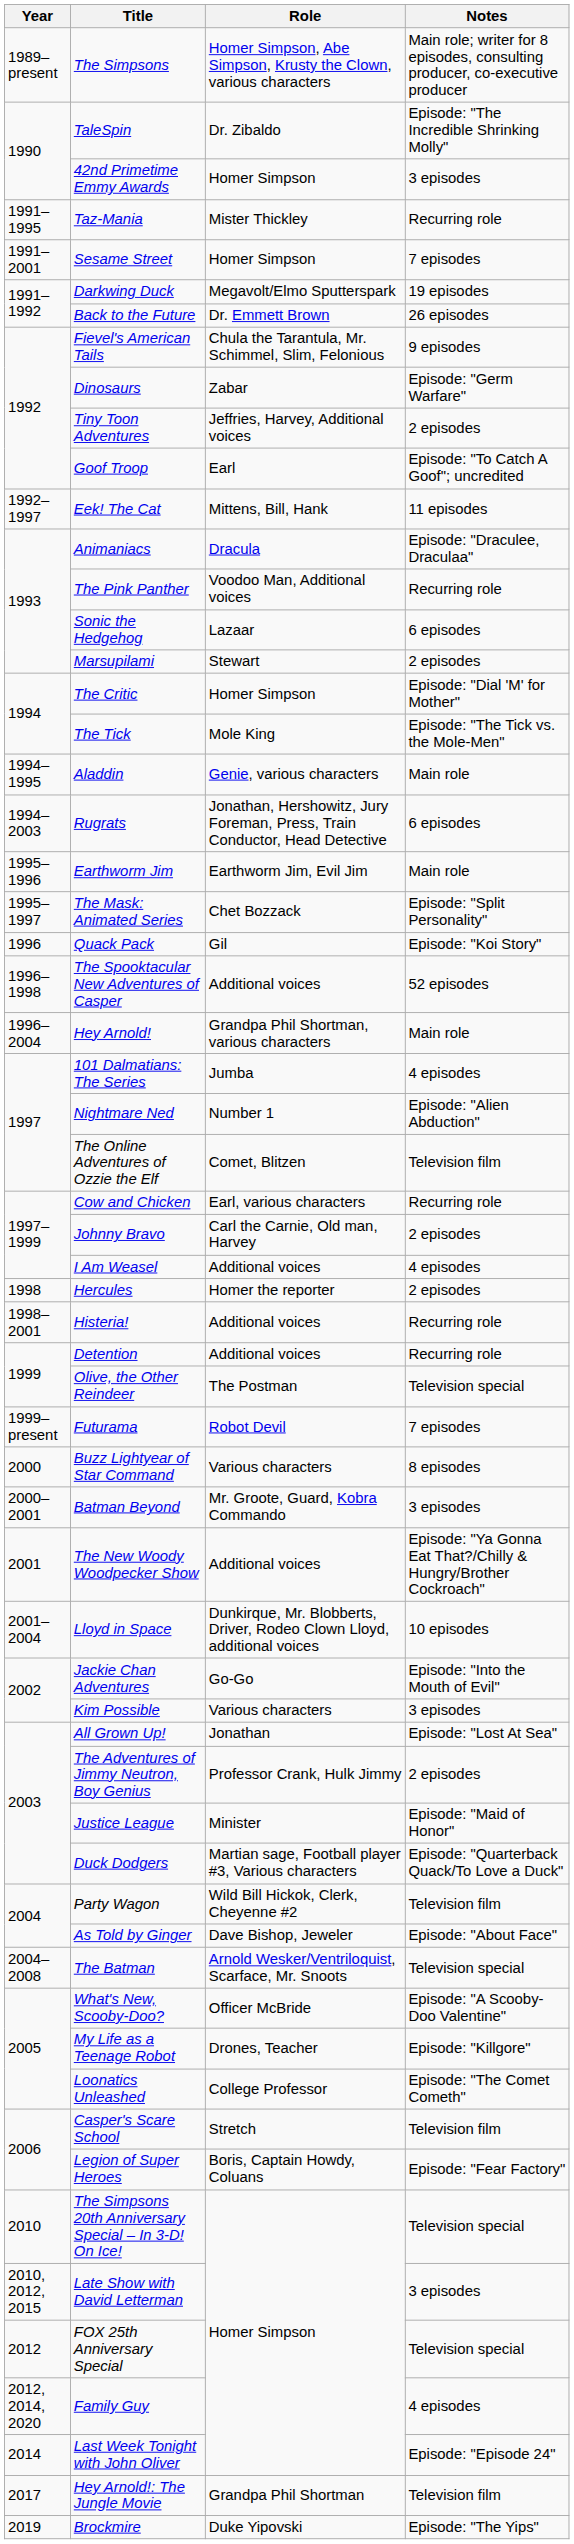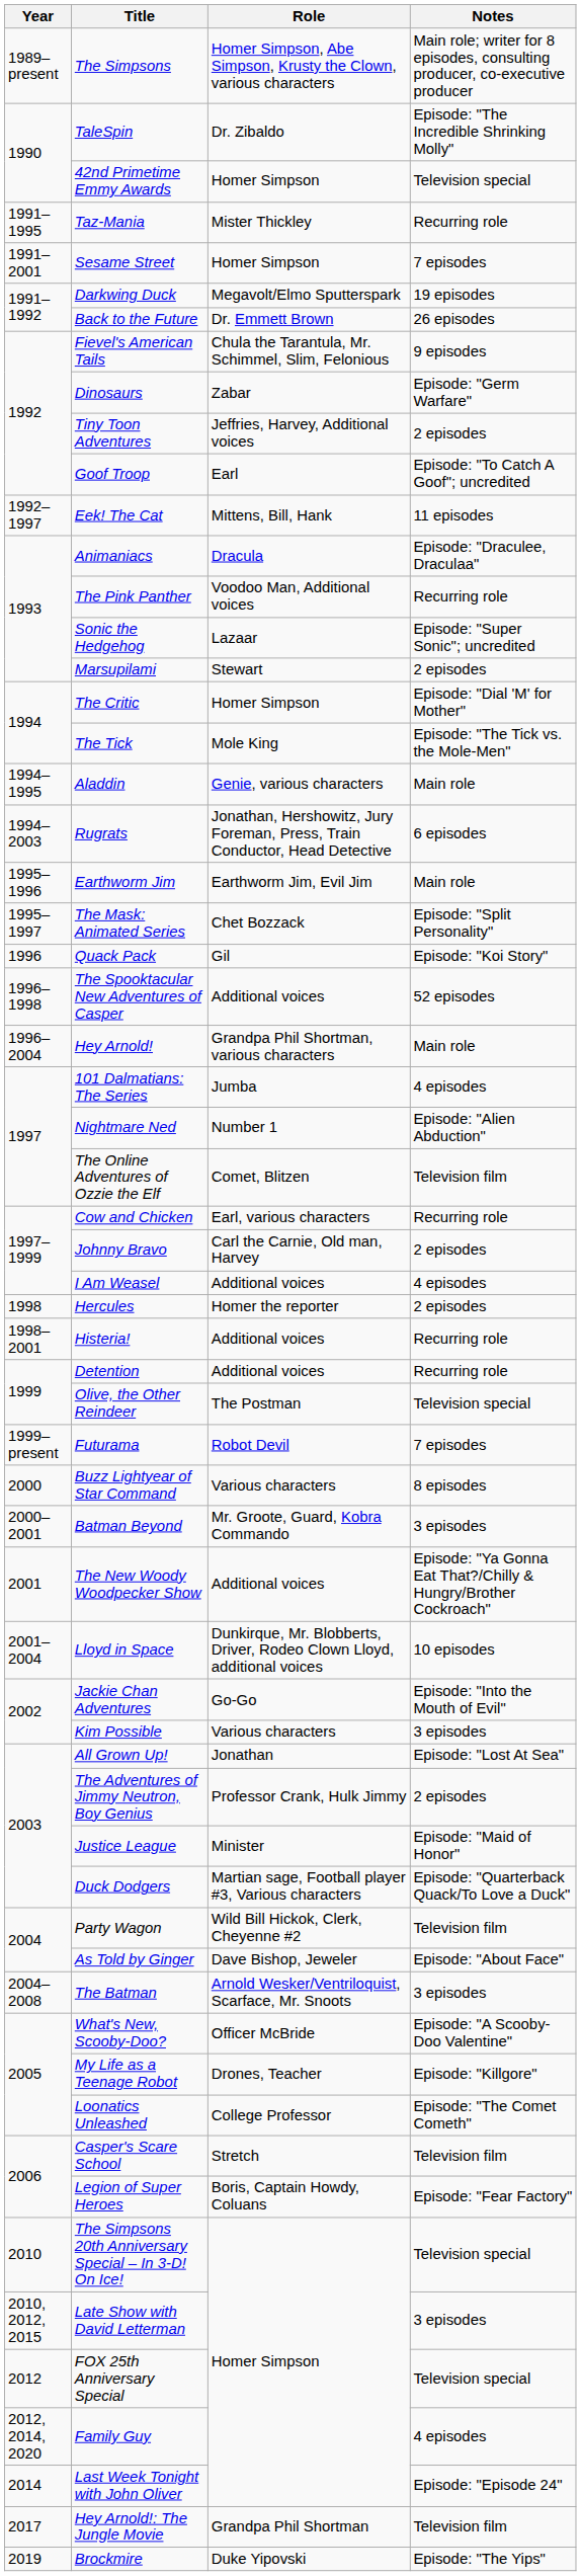 <table class="wikitable sortable">
 <tr>
 <th>Year</th>
 <th>Title</th>
 <th>Role</th>
 <th class="unsortable">Notes</th>
 </tr>
 <tr>
 <td>1989–present</td>
 <td data-sort-value="Simpsons, The"><em><a href='#'>The Simpsons</a></em></td>
 <td><a href='#'>Homer Simpson</a>, <a href='#'>Abe Simpson</a>, <a href='#'>Krusty the Clown</a>, various characters</td>
 <td>Main role; writer for 8 episodes, consulting producer, co-executive producer</td>
 </tr>
 <tr>
 <td rowspan="2">1990</td>
 <td><em><a href='#'>TaleSpin</a></em></td>
 <td>Dr. Zibaldo</td>
 <td>Episode: "The Incredible Shrinking Molly"</td>
 </tr>
 <tr>
 <td><em><a href='#'>42nd Primetime Emmy Awards</a></em></td>
 <td>Homer Simpson</td>
-<td>3 episodes</td>
+<td>Television special</td>
 </tr>
 <tr>
 <td>1991–1995</td>
 <td><em><a href='#'>Taz-Mania</a></em></td>
 <td>Mister Thickley</td>
 <td>Recurring role</td>
 </tr>
 <tr>
 <td>1991–2001</td>
 <td><em><a href='#'>Sesame Street</a></em></td>
 <td>Homer Simpson</td>
 <td>7 episodes</td>
 </tr>
 <tr>
 <td rowspan="2">1991–1992</td>
 <td><em><a href='#'>Darkwing Duck</a></em></td>
 <td>Megavolt/Elmo Sputterspark</td>
 <td>19 episodes</td>
 </tr>
 <tr>
 <td><em><a href='#'>Back to the Future</a></em></td>
 <td>Dr. <a href='#'>Emmett Brown</a></td>
 <td>26 episodes</td>
 </tr>
 <tr>
 <td rowspan="4">1992</td>
 <td><em><a href='#'>Fievel's American Tails</a></em></td>
 <td>Chula the Tarantula, Mr. Schimmel, Slim, Felonious</td>
 <td>9 episodes</td>
 </tr>
 <tr>
 <td><em><a href='#'>Dinosaurs</a></em></td>
 <td>Zabar</td>
 <td>Episode: "Germ Warfare"</td>
 </tr>
 <tr>
 <td><em><a href='#'>Tiny Toon Adventures</a></em></td>
 <td>Jeffries, Harvey, Additional voices</td>
 <td>2 episodes</td>
 </tr>
 <tr>
 <td><em><a href='#'>Goof Troop</a></em></td>
 <td>Earl</td>
 <td>Episode: "To Catch A Goof"; uncredited</td>
 </tr>
 <tr>
 <td>1992–1997</td>
 <td><em><a href='#'>Eek! The Cat</a></em></td>
 <td>Mittens, Bill, Hank</td>
 <td>11 episodes</td>
 </tr>
 <tr>
 <td rowspan="4">1993</td>
 <td><em><a href='#'>Animaniacs</a></em></td>
 <td><a href='#'>Dracula</a></td>
 <td>Episode: "Draculee, Draculaa"</td>
 </tr>
 <tr>
 <td data-sort-value="Pink Panther, The"><em><a href='#'>The Pink Panther</a></em></td>
 <td>Voodoo Man, Additional voices</td>
 <td>Recurring role</td>
 </tr>
 <tr>
 <td><em><a href='#'>Sonic the Hedgehog</a></em></td>
 <td>Lazaar</td>
-<td>6 episodes</td>
+<td>Episode: "Super Sonic"; uncredited</td>
 </tr>
 <tr>
 <td><em><a href='#'>Marsupilami</a></em></td>
 <td>Stewart</td>
 <td>2 episodes</td>
 </tr>
 <tr>
 <td rowspan=2>1994</td>
 <td data-sort-value="Critic, The"><em><a href='#'>The Critic</a></em></td>
 <td>Homer Simpson</td>
 <td>Episode: "Dial 'M' for Mother"</td>
 </tr>
 <tr>
 <td data-sort-value="Tick, The"><em><a href='#'>The Tick</a></em></td>
 <td>Mole King</td>
 <td>Episode: "The Tick vs. the Mole-Men"</td>
 </tr>
 <tr>
 <td>1994–1995</td>
 <td><em><a href='#'>Aladdin</a></em></td>
 <td><a href='#'>Genie</a>, various characters</td>
 <td>Main role</td>
 </tr>
 <tr>
 <td>1994–2003</td>
 <td><em><a href='#'>Rugrats</a></em></td>
 <td>Jonathan, Hershowitz, Jury Foreman, Press, Train Conductor, Head Detective</td>
 <td>6 episodes</td>
 </tr>
 <tr>
 <td>1995–1996</td>
 <td><em><a href='#'>Earthworm Jim</a></em></td>
 <td>Earthworm Jim, Evil Jim</td>
 <td>Main role</td>
 </tr>
 <tr>
 <td>1995–1997</td>
 <td data-sort-value="Mask: Animated Series, The"><em><a href='#'>The Mask: Animated Series</a></em></td>
 <td>Chet Bozzack</td>
 <td>Episode: "Split Personality"</td>
 </tr>
 <tr>
 <td>1996</td>
 <td><em><a href='#'>Quack Pack</a></em></td>
 <td>Gil</td>
 <td>Episode: "Koi Story"</td>
 </tr>
 <tr>
 <td>1996–1998</td>
 <td data-sort-value="Spooktacular New Adventures of Casper, The"><em><a href='#'>The Spooktacular New Adventures of Casper</a></em></td>
 <td>Additional voices</td>
 <td>52 episodes</td>
 </tr>
 <tr>
 <td>1996–2004</td>
 <td><em><a href='#'>Hey Arnold!</a></em></td>
 <td>Grandpa Phil Shortman, various characters</td>
 <td>Main role</td>
 </tr>
 <tr>
 <td rowspan="3">1997</td>
 <td><em><a href='#'>101 Dalmatians: The Series</a></em></td>
 <td>Jumba</td>
 <td>4 episodes</td>
 </tr>
 <tr>
 <td><em><a href='#'>Nightmare Ned</a></em></td>
 <td>Number 1</td>
 <td>Episode: "Alien Abduction"</td>
 </tr>
 <tr>
 <td data-sort-value="Online Adventures of Ozzie the Elf, The"><em>The Online Adventures of Ozzie the Elf</em></td>
 <td>Comet, Blitzen</td>
 <td>Television film</td>
 </tr>
 <tr>
 <td rowspan="3">1997–1999</td>
 <td><em><a href='#'>Cow and Chicken</a></em></td>
 <td>Earl, various characters</td>
 <td>Recurring role</td>
 </tr>
 <tr>
 <td><em><a href='#'>Johnny Bravo</a></em></td>
 <td>Carl the Carnie, Old man, Harvey</td>
 <td>2 episodes</td>
 </tr>
 <tr>
 <td><em><a href='#'>I Am Weasel</a></em></td>
 <td>Additional voices</td>
 <td>4 episodes</td>
 </tr>
 <tr>
 <td>1998</td>
 <td><em><a href='#'>Hercules</a></em></td>
 <td>Homer the reporter</td>
 <td>2 episodes</td>
 </tr>
 <tr>
 <td>1998–2001</td>
 <td><em><a href='#'>Histeria!</a></em></td>
 <td>Additional voices</td>
 <td>Recurring role</td>
 </tr>
 <tr>
 <td rowspan="2">1999</td>
 <td><em><a href='#'>Detention</a></em></td>
 <td>Additional voices</td>
 <td>Recurring role</td>
 </tr>
 <tr>
 <td><em><a href='#'>Olive, the Other Reindeer</a></em></td>
 <td>The Postman</td>
 <td>Television special</td>
 </tr>
 <tr>
 <td>1999–present</td>
 <td><em><a href='#'>Futurama</a></em></td>
 <td><a href='#'>Robot Devil</a></td>
 <td>7 episodes</td>
 </tr>
 <tr>
 <td>2000</td>
 <td><em><a href='#'>Buzz Lightyear of Star Command</a></em></td>
 <td>Various characters</td>
 <td>8 episodes</td>
 </tr>
 <tr>
 <td>2000–2001</td>
 <td><em><a href='#'>Batman Beyond</a></em></td>
 <td>Mr. Groote, Guard, <a href='#'>Kobra</a> Commando</td>
 <td>3 episodes</td>
 </tr>
 <tr>
 <td>2001</td>
 <td data-sort-value="New Woody Woodpecker Show, The"><em><a href='#'>The New Woody Woodpecker Show</a></em></td>
 <td>Additional voices</td>
 <td>Episode: "Ya Gonna Eat That?/Chilly & Hungry/Brother Cockroach"</td>
 </tr>
 <tr>
 <td>2001–2004</td>
 <td><em><a href='#'>Lloyd in Space</a></em></td>
 <td>Dunkirque, Mr. Blobberts, Driver, Rodeo Clown Lloyd, additional voices</td>
 <td>10 episodes</td>
 </tr>
 <tr>
 <td rowspan="2">2002</td>
 <td><em><a href='#'>Jackie Chan Adventures</a></em></td>
 <td>Go-Go</td>
 <td>Episode: "Into the Mouth of Evil"</td>
 </tr>
 <tr>
 <td><em><a href='#'>Kim Possible</a></em></td>
 <td>Various characters</td>
 <td>3 episodes</td>
 </tr>
 <tr>
 <td rowspan="4">2003</td>
 <td><em><a href='#'>All Grown Up!</a></em></td>
 <td>Jonathan</td>
 <td>Episode: "Lost At Sea"</td>
 </tr>
 <tr>
 <td data-sort-value="Adventures of Jimmy Neutron, Boy Genius, The"><em><a href='#'>The Adventures of Jimmy Neutron, Boy Genius</a></em></td>
 <td>Professor Crank, Hulk Jimmy</td>
 <td>2 episodes</td>
 </tr>
 <tr>
 <td><em><a href='#'>Justice League</a></em></td>
 <td>Minister</td>
 <td>Episode: "Maid of Honor"</td>
 </tr>
 <tr>
 <td><em><a href='#'>Duck Dodgers</a></em></td>
 <td>Martian sage, Football player #3, Various characters</td>
 <td>Episode: "Quarterback Quack/To Love a Duck"</td>
 </tr>
 <tr>
 <td rowspan="2">2004</td>
 <td><em>Party Wagon</em></td>
 <td>Wild Bill Hickok, Clerk, Cheyenne #2</td>
 <td>Television film</td>
 </tr>
 <tr>
 <td><em><a href='#'>As Told by Ginger</a></em></td>
 <td>Dave Bishop, Jeweler</td>
 <td>Episode: "About Face"</td>
 </tr>
 <tr>
 <td>2004–2008</td>
 <td data-sort-value="Batman, The"><em><a href='#'>The Batman</a></em></td>
 <td><a href='#'>Arnold Wesker/Ventriloquist</a>, Scarface, Mr. Snoots</td>
-<td>Television special</td>
+<td>3 episodes</td>
 </tr>
 <tr>
 <td rowspan="3">2005</td>
 <td><em><a href='#'>What's New, Scooby-Doo?</a></em></td>
 <td>Officer McBride</td>
 <td>Episode: "A Scooby-Doo Valentine"</td>
 </tr>
 <tr>
 <td><em><a href='#'>My Life as a Teenage Robot</a></em></td>
 <td>Drones, Teacher</td>
 <td>Episode: "Killgore"</td>
 </tr>
 <tr>
 <td><em><a href='#'>Loonatics Unleashed</a></em></td>
 <td>College Professor</td>
 <td>Episode: "The Comet Cometh"</td>
 </tr>
 <tr>
 <td rowspan="2">2006</td>
 <td><em><a href='#'>Casper's Scare School</a></em></td>
 <td>Stretch</td>
 <td>Television film</td>
 </tr>
 <tr>
 <td><em><a href='#'>Legion of Super Heroes</a></em></td>
 <td>Boris, Captain Howdy, Coluans</td>
 <td>Episode: "Fear Factory"</td>
 </tr>
 <tr>
 <td>2010</td>
 <td data-sort-value="Simpsons 20th Anniversary Special – In 3-D! On Ice!, The"><em><a href='#'>The Simpsons 20th Anniversary Special – In 3-D! On Ice!</a></em></td>
 <td rowspan="5">Homer Simpson</td>
 <td>Television special</td>
 </tr>
 <tr>
 <td>2010, 2012, 2015</td>
 <td><em><a href='#'>Late Show with David Letterman</a></em></td>
 <td>3 episodes</td>
 </tr>
 <tr>
 <td>2012</td>
 <td><em>FOX 25th Anniversary Special</em></td>
 <td>Television special</td>
 </tr>
 <tr>
 <td>2012, 2014, 2020</td>
 <td><em><a href='#'>Family Guy</a></em></td>
 <td>4 episodes</td>
 </tr>
 <tr>
 <td>2014</td>
 <td><em><a href='#'>Last Week Tonight with John Oliver</a></em></td>
 <td>Episode: "Episode 24"</td>
 </tr>
 <tr>
 <td>2017</td>
 <td><em><a href='#'>Hey Arnold!: The Jungle Movie</a></em></td>
 <td>Grandpa Phil Shortman</td>
 <td>Television film</td>
 </tr>
 <tr>
 <td>2019</td>
 <td><em><a href='#'>Brockmire</a></em></td>
 <td>Duke Yipovski</td>
 <td>Episode: "The Yips"</td>
 </tr>
 </table>
